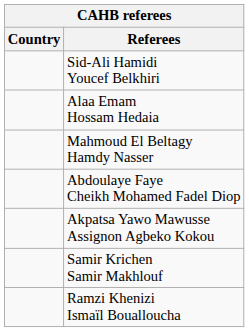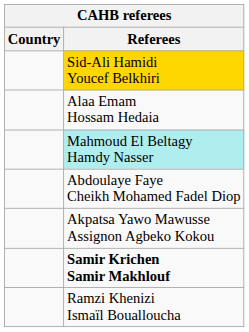 <table class="wikitable">
 <tr>
 <th colspan=3>CAHB referees</th>
 </tr>
 <tr>
 <th>Country</th>
 <th>Referees</th>
 </tr>
 <tr>
 <td></td>
-<td>Sid-Ali Hamidi<br>Youcef Belkhiri</td>
+<td style="background: gold;">Sid-Ali Hamidi<br>Youcef Belkhiri</td>
 </tr>
 <tr>
 <td></td>
 <td>Alaa Emam<br>Hossam Hedaia</td>
 </tr>
 <tr>
 <td></td>
-<td>Mahmoud El Beltagy<br>Hamdy Nasser</td>
+<td style="background: paleturquoise;">Mahmoud El Beltagy<br>Hamdy Nasser</td>
 </tr>
 <tr>
 <td></td>
 <td>Abdoulaye Faye<br>Cheikh Mohamed Fadel Diop</td>
 </tr>
 <tr>
 <td></td>
 <td>Akpatsa Yawo Mawusse<br>Assignon Agbeko Kokou</td>
 </tr>
 <tr>
 <td></td>
-<td>Samir Krichen<br>Samir Makhlouf</td>
+<td><strong>Samir Krichen<br>Samir Makhlouf</strong></td>
 </tr>
 <tr>
 <td></td>
 <td>Ramzi Khenizi<br>Ismaïl Boualloucha</td>
 </tr>
 </table>
